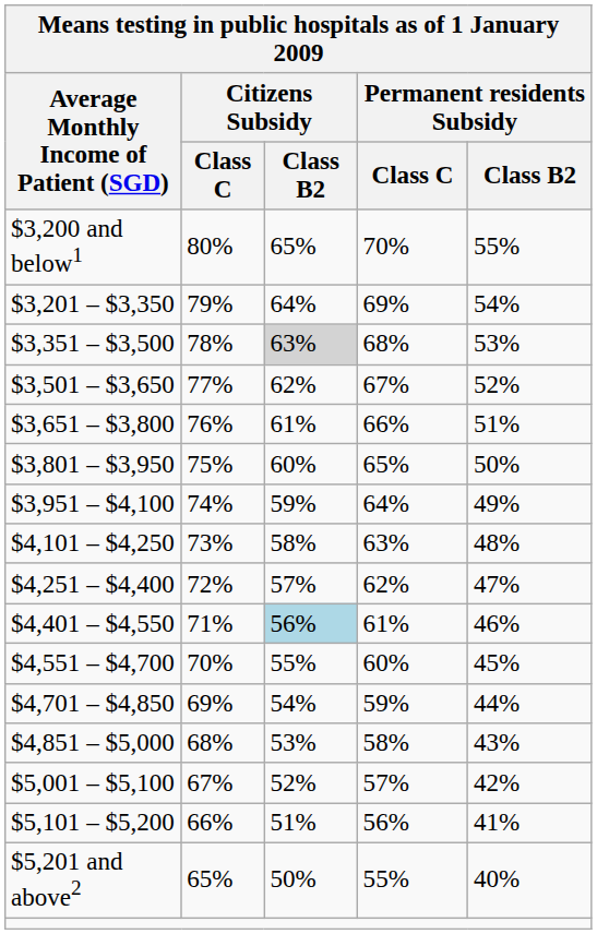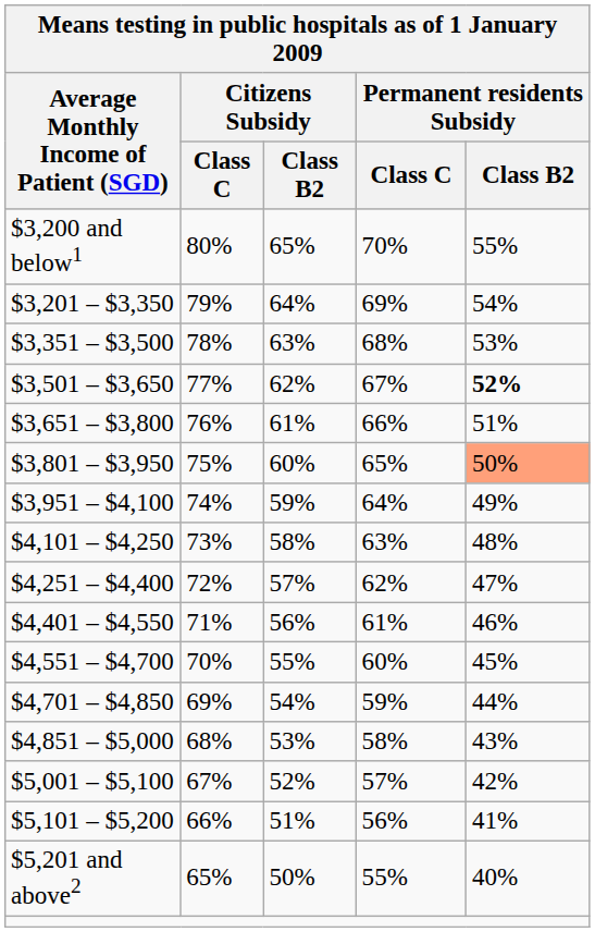 <table class="wikitable" style="text-align=center" width="60%">
 <tr>
 <th colspan="5">Means testing in public hospitals as of 1 January 2009</th>
 </tr>
 <tr>
 <th width="30%" rowspan="2">Average Monthly<br>Income of Patient (<a href='#'>SGD</a>)</th>
 <th width="30%" colspan="2">Citizens Subsidy</th>
 <th width="40%" colspan="2">Permanent residents Subsidy</th>
 </tr>
 <tr>
 <th>Class C</th>
 <th>Class B2</th>
 <th>Class C</th>
 <th>Class B2</th>
 </tr>
 <tr>
 <td>$3,200 and below<sup>1</sup></td>
 <td>80%</td>
 <td>65%</td>
 <td>70%</td>
 <td>55%</td>
 </tr>
 <tr>
 <td>$3,201 – $3,350</td>
 <td>79%</td>
 <td>64%</td>
 <td>69%</td>
 <td>54%</td>
 </tr>
 <tr>
 <td>$3,351 – $3,500</td>
 <td>78%</td>
-<td style="background: lightgrey;">63%</td>
+<td>63%</td>
 <td>68%</td>
 <td>53%</td>
 </tr>
 <tr>
 <td>$3,501 – $3,650</td>
 <td>77%</td>
 <td>62%</td>
 <td>67%</td>
-<td>52%</td>
+<td><strong>52%</strong></td>
 </tr>
 <tr>
 <td>$3,651 – $3,800</td>
 <td>76%</td>
 <td>61%</td>
 <td>66%</td>
 <td>51%</td>
 </tr>
 <tr>
 <td>$3,801 – $3,950</td>
 <td>75%</td>
 <td>60%</td>
 <td>65%</td>
-<td>50%</td>
+<td style="background: lightsalmon;">50%</td>
 </tr>
 <tr>
 <td>$3,951 – $4,100</td>
 <td>74%</td>
 <td>59%</td>
 <td>64%</td>
 <td>49%</td>
 </tr>
 <tr>
 <td>$4,101 – $4,250</td>
 <td>73%</td>
 <td>58%</td>
 <td>63%</td>
 <td>48%</td>
 </tr>
 <tr>
 <td>$4,251 – $4,400</td>
 <td>72%</td>
 <td>57%</td>
 <td>62%</td>
 <td>47%</td>
 </tr>
 <tr>
 <td>$4,401 – $4,550</td>
 <td>71%</td>
-<td style="background: lightblue;">56%</td>
+<td>56%</td>
 <td>61%</td>
 <td>46%</td>
 </tr>
 <tr>
 <td>$4,551 – $4,700</td>
 <td>70%</td>
 <td>55%</td>
 <td>60%</td>
 <td>45%</td>
 </tr>
 <tr>
 <td>$4,701 – $4,850</td>
 <td>69%</td>
 <td>54%</td>
 <td>59%</td>
 <td>44%</td>
 </tr>
 <tr>
 <td>$4,851 – $5,000</td>
 <td>68%</td>
 <td>53%</td>
 <td>58%</td>
 <td>43%</td>
 </tr>
 <tr>
 <td>$5,001 – $5,100</td>
 <td>67%</td>
 <td>52%</td>
 <td>57%</td>
 <td>42%</td>
 </tr>
 <tr>
 <td>$5,101 – $5,200</td>
 <td>66%</td>
 <td>51%</td>
 <td>56%</td>
 <td>41%</td>
 </tr>
 <tr>
 <td>$5,201 and above<sup>2</sup></td>
 <td>65%</td>
 <td>50%</td>
 <td>55%</td>
 <td>40%</td>
 </tr>
 <tr>
 <td colspan="5"></td>
 </tr>
 </table>
